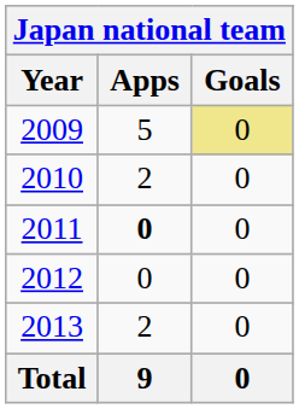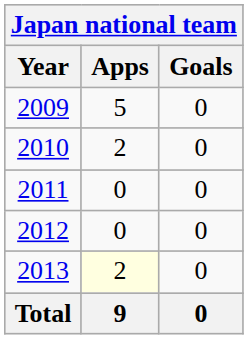 <table class="wikitable" style="text-align:center">
 <tr>
 <th colspan=3><a href='#'>Japan national team</a></th>
 </tr>
 <tr>
 <th>Year</th>
 <th>Apps</th>
 <th>Goals</th>
 </tr>
 <tr>
 <td><a href='#'>2009</a></td>
 <td>5</td>
-<td style="background: khaki;">0</td>
+<td>0</td>
 </tr>
 <tr>
 <td><a href='#'>2010</a></td>
 <td>2</td>
 <td>0</td>
 </tr>
 <tr>
 <td><a href='#'>2011</a></td>
-<td><strong>0</strong></td>
+<td>0</td>
 <td>0</td>
 </tr>
 <tr>
 <td><a href='#'>2012</a></td>
 <td>0</td>
 <td>0</td>
 </tr>
 <tr>
 <td><a href='#'>2013</a></td>
-<td>2</td>
+<td style="background: lightyellow;">2</td>
 <td>0</td>
 </tr>
 <tr>
 <th>Total</th>
 <th>9</th>
 <th>0</th>
 </tr>
 </table>
